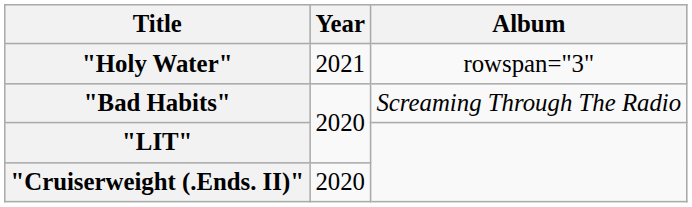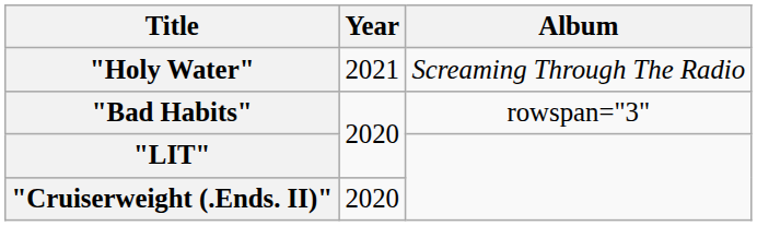 <table class="wikitable plainrowheaders" style="text-align:center;">
 <tr>
 <th scope="col">Title</th>
 <th scope="col">Year</th>
 <th scope="col">Album</th>
 </tr>
 <tr>
 <th scope="row">"Holy Water"<br></th>
 <td>2021</td>
-<td>rowspan="3" </td>
+<td><em>Screaming Through The Radio</em></td>
 </tr>
 <tr>
 <th scope="row">"Bad Habits"<br></th>
 <td rowspan="2">2020</td>
-<td><em>Screaming Through The Radio</em></td>
+<td>rowspan="3" </td>
 </tr>
 <tr>
 <th scope="row">"LIT"<br></th>
 </tr>
 <tr>
 <th scope="row">"Cruiserweight (.Ends. II)"<br></th>
 <td>2020</td>
 </tr>
 </table>
